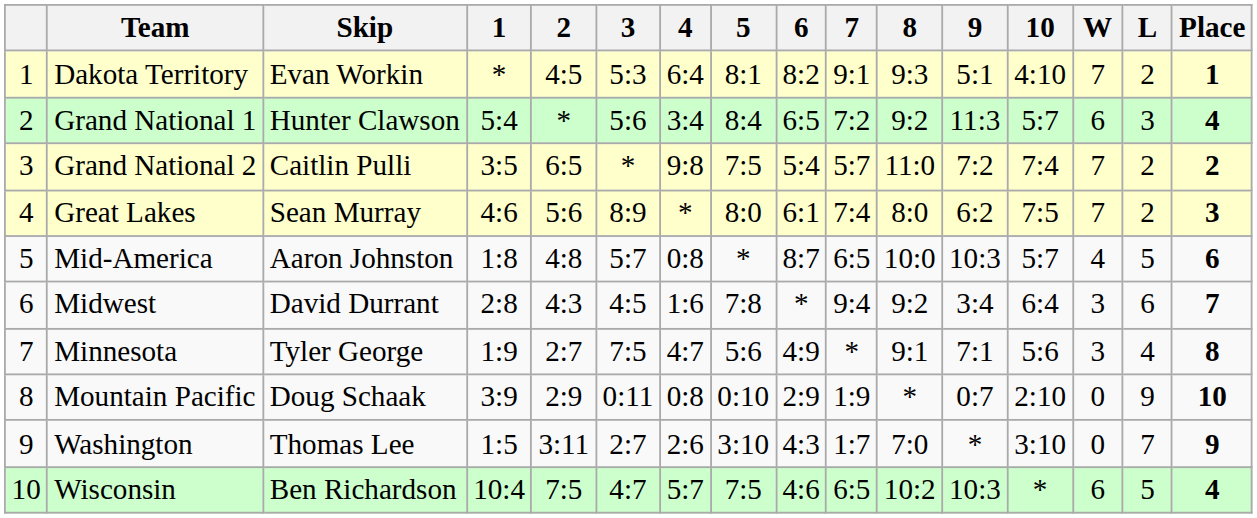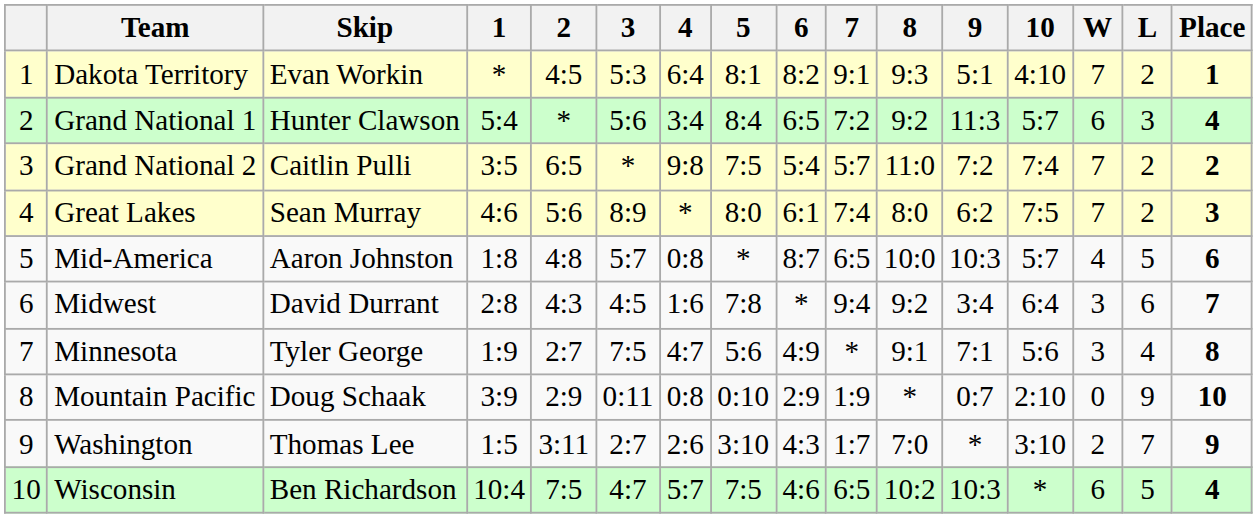 <table class="wikitable" style="text-align:center;">
 <tr>
 <th></th>
 <th>Team</th>
 <th>Skip</th>
 <th width=20>1</th>
 <th width=20>2</th>
 <th width=20>3</th>
 <th width=20>4</th>
 <th width=20>5</th>
 <th width=20>6</th>
 <th width=20>7</th>
 <th width=20>8</th>
 <th width=20>9</th>
 <th width=20>10</th>
 <th width="20">W</th>
 <th width="20">L</th>
 <th>Place</th>
 </tr>
 <tr bgcolor=#ffc>
 <td>1</td>
 <td align=left> Dakota Territory</td>
 <td align=left>Evan Workin</td>
 <td>*</td>
 <td>4:5</td>
 <td>5:3</td>
 <td>6:4</td>
 <td>8:1</td>
 <td>8:2</td>
 <td>9:1</td>
 <td>9:3</td>
 <td>5:1</td>
 <td>4:10</td>
 <td>7</td>
 <td>2</td>
 <td><strong>1</strong></td>
 </tr>
 <tr bgcolor=#cfc>
 <td>2</td>
 <td align=left> Grand National 1</td>
 <td align=left>Hunter Clawson</td>
 <td>5:4</td>
 <td>*</td>
 <td>5:6</td>
 <td>3:4</td>
 <td>8:4</td>
 <td>6:5</td>
 <td>7:2</td>
 <td>9:2</td>
 <td>11:3</td>
 <td>5:7</td>
 <td>6</td>
 <td>3</td>
 <td><strong>4</strong></td>
 </tr>
 <tr bgcolor=#ffc>
 <td>3</td>
 <td align=left> Grand National 2</td>
 <td align=left>Caitlin Pulli</td>
 <td>3:5</td>
 <td>6:5</td>
 <td>*</td>
 <td>9:8</td>
 <td>7:5</td>
 <td>5:4</td>
 <td>5:7</td>
 <td>11:0</td>
 <td>7:2</td>
 <td>7:4</td>
 <td>7</td>
 <td>2</td>
 <td><strong>2</strong></td>
 </tr>
 <tr bgcolor=#ffc>
 <td>4</td>
 <td align=left> Great Lakes</td>
 <td align=left>Sean Murray</td>
 <td>4:6</td>
 <td>5:6</td>
 <td>8:9</td>
 <td>*</td>
 <td>8:0</td>
 <td>6:1</td>
 <td>7:4</td>
 <td>8:0</td>
 <td>6:2</td>
 <td>7:5</td>
 <td>7</td>
 <td>2</td>
 <td><strong>3</strong></td>
 </tr>
 <tr>
 <td>5</td>
 <td align=left> Mid-America</td>
 <td align=left>Aaron Johnston</td>
 <td>1:8</td>
 <td>4:8</td>
 <td>5:7</td>
 <td>0:8</td>
 <td>*</td>
 <td>8:7</td>
 <td>6:5</td>
 <td>10:0</td>
 <td>10:3</td>
 <td>5:7</td>
 <td>4</td>
 <td>5</td>
 <td><strong>6</strong></td>
 </tr>
 <tr>
 <td>6</td>
 <td align=left> Midwest</td>
 <td align=left>David Durrant</td>
 <td>2:8</td>
 <td>4:3</td>
 <td>4:5</td>
 <td>1:6</td>
 <td>7:8</td>
 <td>*</td>
 <td>9:4</td>
 <td>9:2</td>
 <td>3:4</td>
 <td>6:4</td>
 <td>3</td>
 <td>6</td>
 <td><strong>7</strong></td>
 </tr>
 <tr>
 <td>7</td>
 <td align=left> Minnesota</td>
 <td align=left>Tyler George</td>
 <td>1:9</td>
 <td>2:7</td>
 <td>7:5</td>
 <td>4:7</td>
 <td>5:6</td>
 <td>4:9</td>
 <td>*</td>
 <td>9:1</td>
 <td>7:1</td>
 <td>5:6</td>
 <td>3</td>
 <td>4</td>
 <td><strong>8</strong></td>
 </tr>
 <tr>
 <td>8</td>
 <td align=left> Mountain Pacific</td>
 <td align=left>Doug Schaak</td>
 <td>3:9</td>
 <td>2:9</td>
 <td>0:11</td>
 <td>0:8</td>
 <td>0:10</td>
 <td>2:9</td>
 <td>1:9</td>
 <td>*</td>
 <td>0:7</td>
 <td>2:10</td>
 <td>0</td>
 <td>9</td>
 <td><strong>10</strong></td>
 </tr>
 <tr>
 <td>9</td>
 <td align=left> Washington</td>
 <td align=left>Thomas Lee</td>
 <td>1:5</td>
 <td>3:11</td>
 <td>2:7</td>
 <td>2:6</td>
 <td>3:10</td>
 <td>4:3</td>
 <td>1:7</td>
 <td>7:0</td>
 <td>*</td>
 <td>3:10</td>
-<td>0</td>
+<td>2</td>
 <td>7</td>
 <td><strong>9</strong></td>
 </tr>
 <tr bgcolor=#cfc>
 <td>10</td>
 <td align=left> Wisconsin</td>
 <td align=left>Ben Richardson</td>
 <td>10:4</td>
 <td>7:5</td>
 <td>4:7</td>
 <td>5:7</td>
 <td>7:5</td>
 <td>4:6</td>
 <td>6:5</td>
 <td>10:2</td>
 <td>10:3</td>
 <td>*</td>
 <td>6</td>
 <td>5</td>
 <td><strong>4</strong></td>
 </tr>
 </table>
